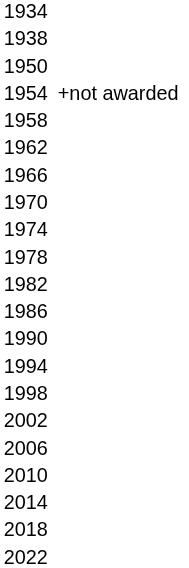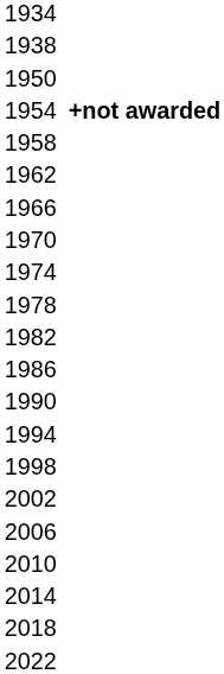 <table>
 <tr>
 <td>1934</td>
 <td></td>
 <td></td>
 <td></td>
 </tr>
 <tr>
 <td>1938</td>
 <td></td>
 <td></td>
 <td></td>
 </tr>
 <tr>
 <td>1950</td>
 <td></td>
 <td></td>
 <td></td>
 </tr>
 <tr>
 <td>1954</td>
 <td></td>
-<td>+not awarded</td>
+<td><strong>+not awarded</strong></td>
 <td></td>
 </tr>
 <tr>
 <td>1958</td>
 <td></td>
 <td></td>
 <td></td>
 </tr>
 <tr>
 <td>1962</td>
 <td></td>
 <td></td>
 <td></td>
 </tr>
 <tr>
 <td>1966</td>
 <td></td>
 <td></td>
 <td></td>
 </tr>
 <tr>
 <td>1970</td>
 <td></td>
 <td></td>
 <td></td>
 </tr>
 <tr>
 <td>1974</td>
 <td></td>
 <td></td>
 <td></td>
 </tr>
 <tr>
 <td>1978</td>
 <td></td>
 <td></td>
 <td></td>
 </tr>
 <tr>
 <td>1982</td>
 <td></td>
 <td></td>
 <td></td>
 </tr>
 <tr>
 <td>1986</td>
 <td></td>
 <td></td>
 <td></td>
 </tr>
 <tr>
 <td>1990</td>
 <td></td>
 <td></td>
 <td></td>
 </tr>
 <tr>
 <td>1994</td>
 <td></td>
 <td></td>
 <td></td>
 </tr>
 <tr>
 <td>1998</td>
 <td></td>
 <td></td>
 <td></td>
 </tr>
 <tr>
 <td>2002</td>
 <td></td>
 <td></td>
 <td></td>
 </tr>
 <tr>
 <td>2006<br></td>
 <td></td>
 <td></td>
 <td></td>
 </tr>
 <tr>
 <td>2010<br></td>
 <td></td>
 <td></td>
 <td></td>
 </tr>
 <tr>
 <td>2014<br></td>
 <td></td>
 <td></td>
 <td></td>
 </tr>
 <tr>
 <td>2018<br></td>
 <td></td>
 <td></td>
 <td></td>
 </tr>
 <tr>
 <td>2022<br></td>
 <td></td>
 <td></td>
 <td></td>
 </tr>
 </table>
